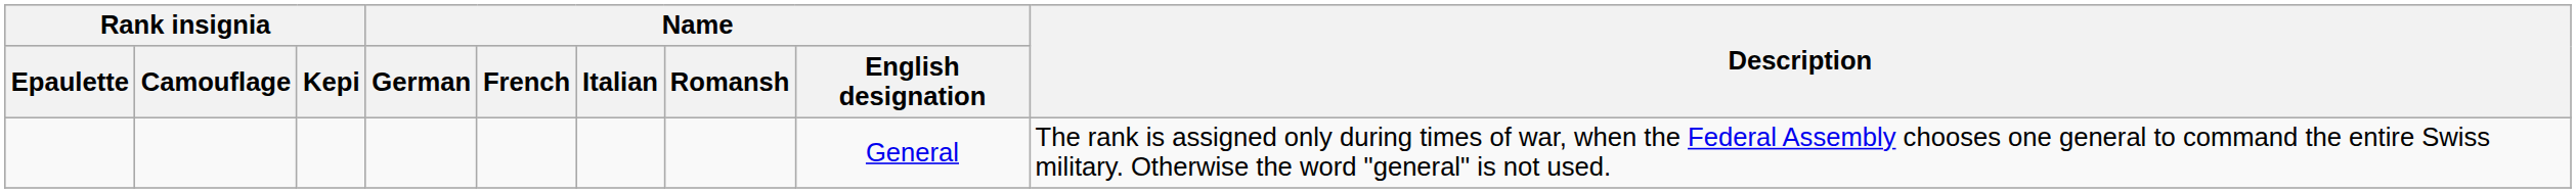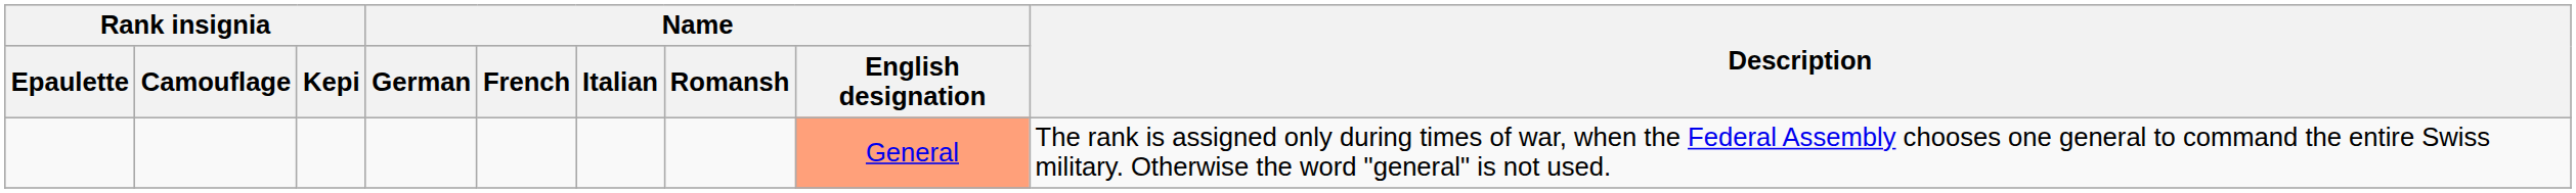 <table class="wikitable" style="text-align:center;">
 <tr>
 <th colspan=3>Rank insignia</th>
 <th colspan=5>Name</th>
 <th rowspan=2>Description</th>
 </tr>
 <tr>
 <th>Epaulette</th>
 <th>Camouflage</th>
 <th>Kepi<br></th>
 <th>German</th>
 <th>French</th>
 <th>Italian</th>
 <th>Romansh<br></th>
 <th>English designation</th>
 </tr>
 <tr>
 <td></td>
 <td></td>
 <td></td>
 <td><br></td>
 <td></td>
 <td></td>
 <td></td>
-<td><a href='#'>General</a></td>
+<td style="background: lightsalmon;"><a href='#'>General</a></td>
 <td style="text-align:left;">The rank is assigned only during times of war, when the <a href='#'>Federal Assembly</a> chooses one general to command the entire Swiss military. Otherwise the word "general" is not used.</td>
 </tr>
 </table>
